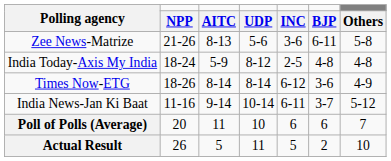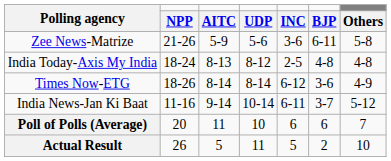 <table class="wikitable" style="text-align:center;font-size:95%;line-height:16px;">
 <tr>
 <th rowspan="2" class="wikitable">Polling agency</th>
 <td></td>
 <td></td>
 <td></td>
 <td></td>
 <td></td>
 <td style="background:gray;"></td>
 </tr>
 <tr>
 <th class="wikitable"><a href='#'>NPP</a></th>
 <th class="wikitable"><a href='#'>AITC</a></th>
 <th class="wikitable"><a href='#'>UDP</a></th>
 <th class="wikitable"><a href='#'>INC</a></th>
 <th class="wikitable"><a href='#'>BJP</a></th>
 <th class="wikitable">Others</th>
 </tr>
 <tr>
 <td><a href='#'>Zee News</a>-Matrize</td>
 <td>21-26</td>
-<td>8-13</td>
+<td>5-9</td>
 <td>5-6</td>
 <td>3-6</td>
 <td>6-11</td>
 <td>5-8</td>
 </tr>
 <tr>
 <td>India Today-<a href='#'>Axis My India</a></td>
 <td>18-24</td>
-<td>5-9</td>
+<td>8-13</td>
 <td>8-12</td>
 <td>2-5</td>
 <td>4-8</td>
 <td>4-8</td>
 </tr>
 <tr>
 <td><a href='#'>Times Now</a>-<a href='#'>ETG</a></td>
 <td>18-26</td>
 <td>8-14</td>
 <td>8-14</td>
 <td>6-12</td>
 <td>3-6</td>
 <td>4-9</td>
 </tr>
 <tr>
 <td>India News-Jan Ki Baat</td>
 <td>11-16</td>
 <td>9-14</td>
 <td>10-14</td>
 <td>6-11</td>
 <td>3-7</td>
 <td>5-12</td>
 </tr>
 <tr>
 <th>Poll of Polls (Average)</th>
 <td>20</td>
 <td>11</td>
 <td>10</td>
 <td>6</td>
 <td>6</td>
 <td>7</td>
 </tr>
 <tr>
 <th>Actual Result</th>
 <td>26</td>
 <td>5</td>
 <td>11</td>
 <td>5</td>
 <td>2</td>
 <td>10</td>
 </tr>
 </table>
